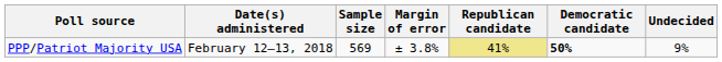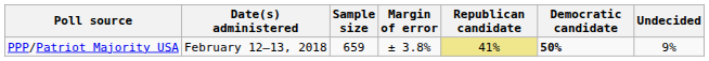 <table class="wikitable">
 <tr>
 <th>Poll source</th>
 <th>Date(s)<br>administered</th>
 <th>Sample<br>size</th>
 <th>Margin<br>of error</th>
 <th style="width:100px;">Republican<br>candidate</th>
 <th style="width:100px;">Democratic<br>candidate</th>
 <th>Undecided</th>
 </tr>
 <tr>
 <td><a href='#'>PPP</a>/<a href='#'>Patriot Majority USA</a></td>
 <td style="text-align:center">February 12–13, 2018</td>
-<td style="text-align:center">569</td>
+<td style="text-align:center">659</td>
 <td style="text-align:center">± 3.8%</td>
 <td style="background: khaki; text-align:center">41%</td>
 <td style="background-color:"><strong>50%</strong></td>
 <td style="text-align:center">9%</td>
 </tr>
 </table>
